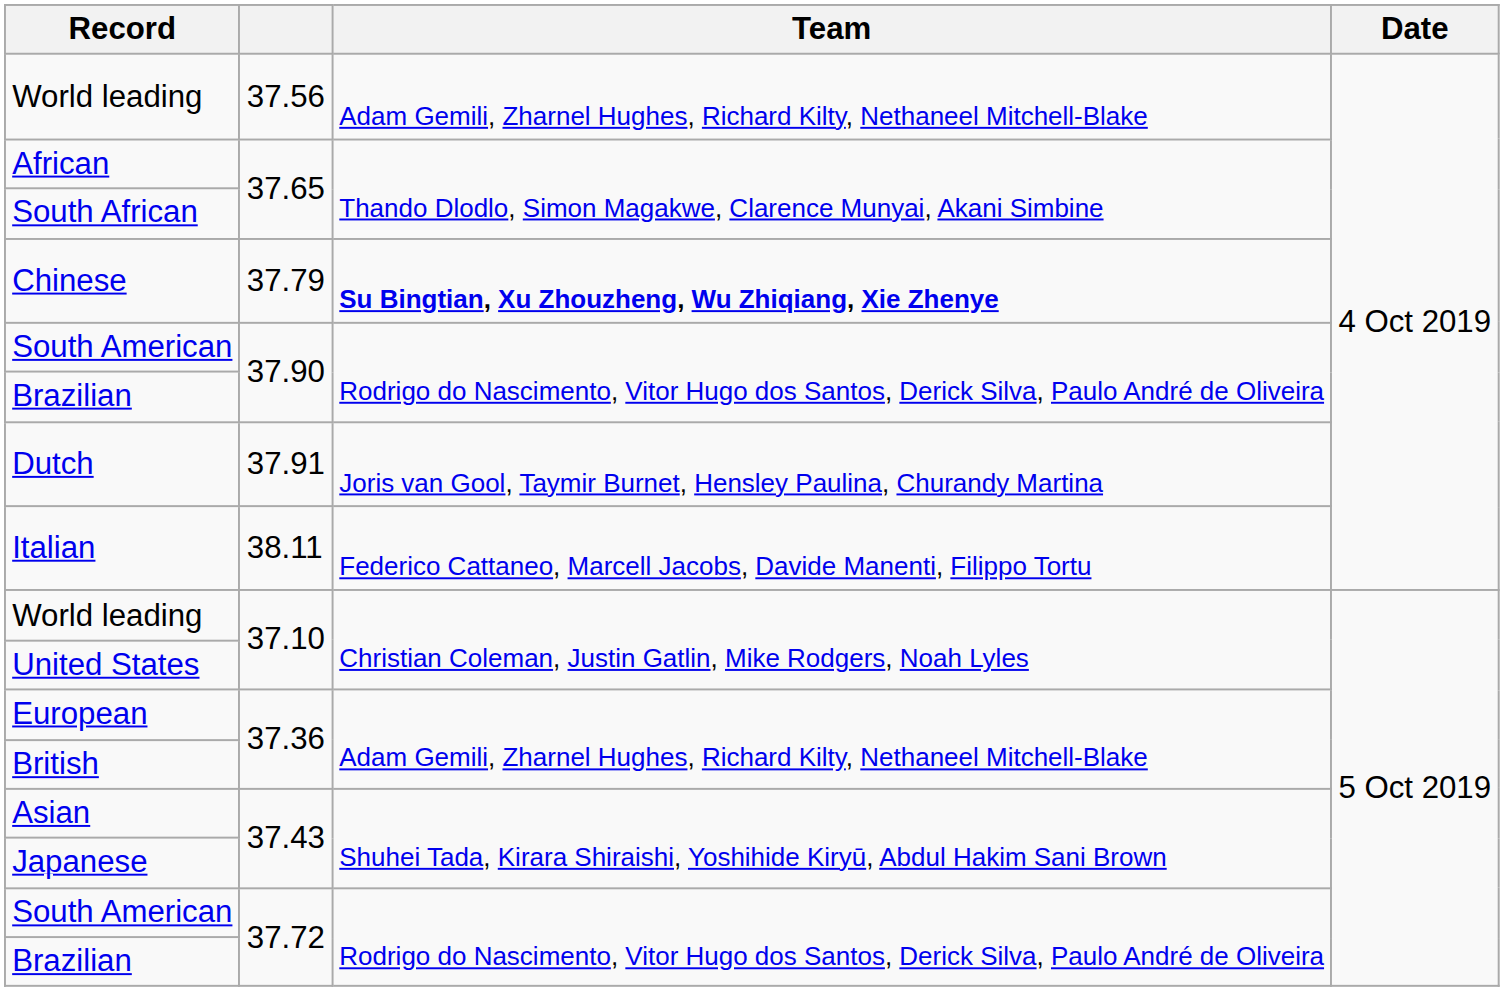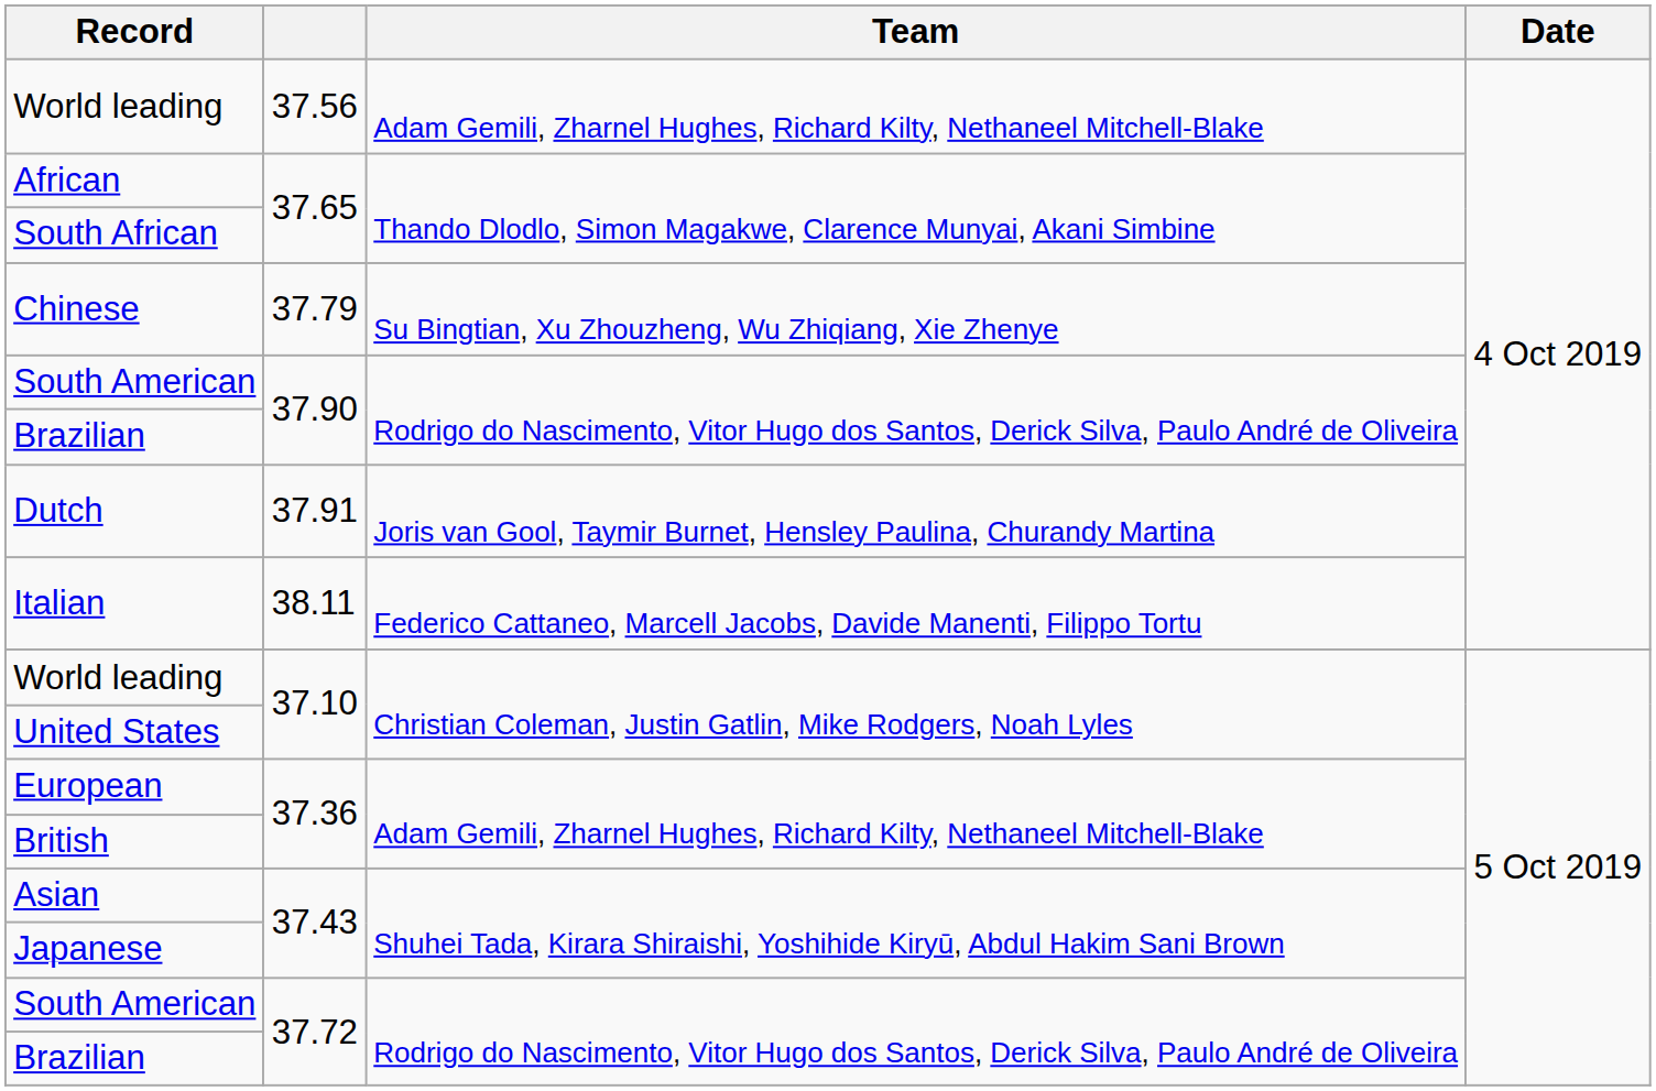 <table class="wikitable">
 <tr>
 <th>Record</th>
 <th></th>
 <th>Team</th>
 <th>Date</th>
 </tr>
 <tr>
 <td>World leading</td>
 <td>37.56</td>
 <td> <br><small><a href='#'>Adam Gemili</a>, <a href='#'>Zharnel Hughes</a>, <a href='#'>Richard Kilty</a>, <a href='#'>Nethaneel Mitchell-Blake</a></small></td>
 <td rowspan=8 align=right>4 Oct 2019</td>
 </tr>
 <tr>
 <td><a href='#'>African</a></td>
 <td rowspan=2>37.65</td>
 <td rowspan=2><br><small><a href='#'>Thando Dlodlo</a>, <a href='#'>Simon Magakwe</a>, <a href='#'>Clarence Munyai</a>, <a href='#'>Akani Simbine</a></small></td>
 </tr>
 <tr>
 <td><a href='#'>South African</a></td>
 </tr>
 <tr>
 <td><a href='#'>Chinese</a></td>
 <td>37.79</td>
-<td><strong><br><small> <a href='#'>Su Bingtian</a>, <a href='#'>Xu Zhouzheng</a>, <a href='#'>Wu Zhiqiang</a>, <a href='#'>Xie Zhenye</a></small></strong></td>
+<td><br><small> <a href='#'>Su Bingtian</a>, <a href='#'>Xu Zhouzheng</a>, <a href='#'>Wu Zhiqiang</a>, <a href='#'>Xie Zhenye</a></small></td>
 </tr>
 <tr>
 <td><a href='#'>South American</a></td>
 <td rowspan=2>37.90</td>
 <td rowspan=2><br><small> <a href='#'>Rodrigo do Nascimento</a>, <a href='#'>Vitor Hugo dos Santos</a>, <a href='#'>Derick Silva</a>, <a href='#'>Paulo André de Oliveira</a></small></td>
 </tr>
 <tr>
 <td><a href='#'>Brazilian</a></td>
 </tr>
 <tr>
 <td><a href='#'>Dutch</a></td>
 <td>37.91</td>
 <td><br><small> <a href='#'>Joris van Gool</a>, <a href='#'>Taymir Burnet</a>, <a href='#'>Hensley Paulina</a>, <a href='#'>Churandy Martina</a></small></td>
 </tr>
 <tr>
 <td><a href='#'>Italian</a></td>
 <td>38.11</td>
 <td><br><small> <a href='#'>Federico Cattaneo</a>, <a href='#'>Marcell Jacobs</a>, <a href='#'>Davide Manenti</a>, <a href='#'>Filippo Tortu</a></small></td>
 </tr>
 <tr>
 <td>World leading</td>
 <td rowspan=2>37.10</td>
 <td rowspan=2><br><small> <a href='#'>Christian Coleman</a>, <a href='#'>Justin Gatlin</a>, <a href='#'>Mike Rodgers</a>, <a href='#'>Noah Lyles</a> </small></td>
 <td rowspan=8 align=right>5 Oct 2019</td>
 </tr>
 <tr>
 <td><a href='#'>United States</a></td>
 </tr>
 <tr>
 <td><a href='#'>European</a></td>
 <td rowspan=2>37.36</td>
 <td rowspan=2><br><small> <a href='#'>Adam Gemili</a>, <a href='#'>Zharnel Hughes</a>, <a href='#'>Richard Kilty</a>, <a href='#'>Nethaneel Mitchell-Blake</a> </small></td>
 </tr>
 <tr>
 <td><a href='#'>British</a></td>
 </tr>
 <tr>
 <td><a href='#'>Asian</a></td>
 <td rowspan=2>37.43</td>
 <td rowspan=2><br><small> <a href='#'>Shuhei Tada</a>, <a href='#'>Kirara Shiraishi</a>, <a href='#'>Yoshihide Kiryū</a>, <a href='#'>Abdul Hakim Sani Brown</a></small></td>
 </tr>
 <tr>
 <td><a href='#'>Japanese</a></td>
 </tr>
 <tr>
 <td><a href='#'>South American</a></td>
 <td rowspan=2>37.72</td>
 <td rowspan=2><br><small> <a href='#'>Rodrigo do Nascimento</a>, <a href='#'>Vitor Hugo dos Santos</a>, <a href='#'>Derick Silva</a>, <a href='#'>Paulo André de Oliveira</a></small></td>
 </tr>
 <tr>
 <td><a href='#'>Brazilian</a></td>
 </tr>
 </table>
